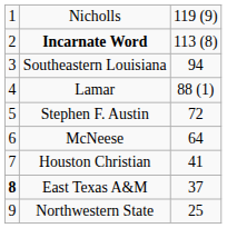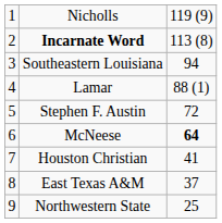 <table class="wikitable">
 <tr align="center">
 <td>1</td>
 <td>Nicholls</td>
 <td>119 (9)</td>
 </tr>
 <tr align="center">
 <td>2</td>
 <td><strong>Incarnate Word</strong></td>
 <td>113 (8)</td>
 </tr>
 <tr align="center">
 <td>3</td>
 <td>Southeastern Louisiana</td>
 <td>94</td>
 </tr>
 <tr align="center">
 <td>4</td>
 <td>Lamar</td>
 <td>88 (1)</td>
 </tr>
 <tr align="center">
 <td>5</td>
 <td>Stephen F. Austin</td>
 <td>72</td>
 </tr>
 <tr align="center">
 <td>6</td>
 <td>McNeese</td>
-<td>64</td>
+<td><strong>64</strong></td>
 </tr>
 <tr align="center">
 <td>7</td>
 <td>Houston Christian</td>
 <td>41</td>
 </tr>
 <tr align="center">
-<td><strong>8</strong></td>
+<td>8</td>
 <td>East Texas A&M</td>
 <td>37</td>
 </tr>
 <tr align="center">
 <td>9</td>
 <td>Northwestern State</td>
 <td>25</td>
 </tr>
 </table>
